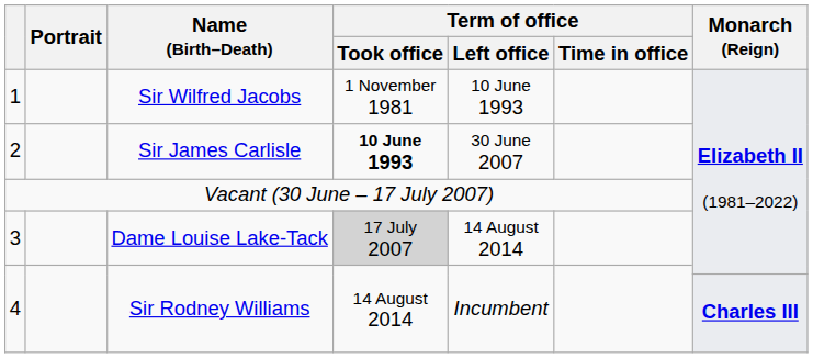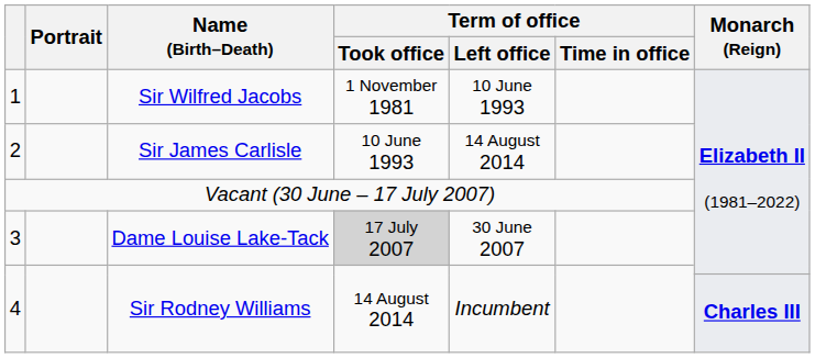 <table class="wikitable" style="text-align:center;">
 <tr>
 <th rowspan="2"></th>
 <th rowspan="2">Portrait</th>
 <th rowspan="2">Name<br><small>(Birth–Death)</small></th>
 <th colspan="3">Term of office</th>
 <th rowspan="2">Monarch<br><small>(Reign)</small></th>
 </tr>
 <tr>
 <th>Took office</th>
 <th>Left office</th>
 <th>Time in office</th>
 </tr>
 <tr>
 <td>1</td>
 <td></td>
 <td><a href='#'>Sir Wilfred Jacobs</a><br></td>
 <td><small>1 November</small><br>1981</td>
 <td><small>10 June</small><br>1993</td>
 <td></td>
 <td rowspan="4" style="background:#eaecf0; border-style: solid solid none solid ;"><br><strong><a href='#'>Elizabeth II</a></strong><br><br><small>(1981–2022)</small></td>
 </tr>
 <tr>
 <td>2</td>
 <td></td>
 <td><a href='#'>Sir James Carlisle</a><br></td>
-<td><strong><small>10 June</small><br>1993</strong></td>
-<td><small>30 June</small><br>2007</td>
+<td><small>10 June</small><br>1993</td>
+<td><small>14 August</small><br>2014</td>
 <td></td>
 </tr>
 <tr>
 <td colspan="6"><em>Vacant (30 June – 17 July 2007)</em></td>
 </tr>
 <tr>
 <td>3</td>
 <td></td>
 <td><a href='#'>Dame Louise Lake-Tack</a><br></td>
 <td style="background: lightgrey;"><small>17 July</small><br>2007</td>
-<td><small>14 August</small><br>2014</td>
+<td><small>30 June</small><br>2007</td>
 <td></td>
 </tr>
 <tr>
 <td rowspan="2">4</td>
 <td rowspan="2"></td>
 <td rowspan="2"><a href='#'>Sir Rodney Williams</a><br></td>
 <td rowspan="2"><small>14 August</small><br>2014</td>
 <td rowspan="2"><em>Incumbent</em></td>
 <td rowspan="2"></td>
 <td style="background:#eaecf0 ; border-style: none solid solid solid ;"></td>
 </tr>
 <tr>
 <td rowspan="1" style="background:#eaecf0"><br><strong><a href='#'>Charles III</a></strong><br><br></td>
 </tr>
 </table>
